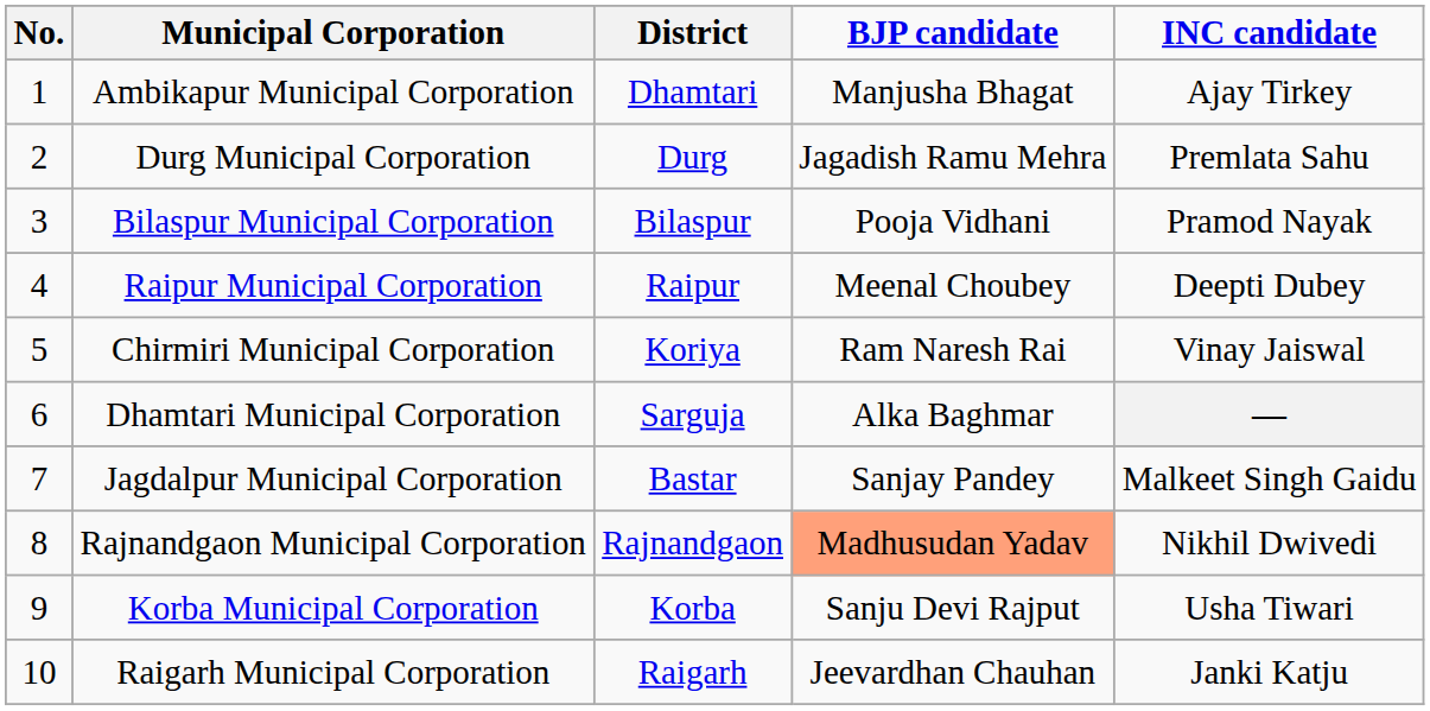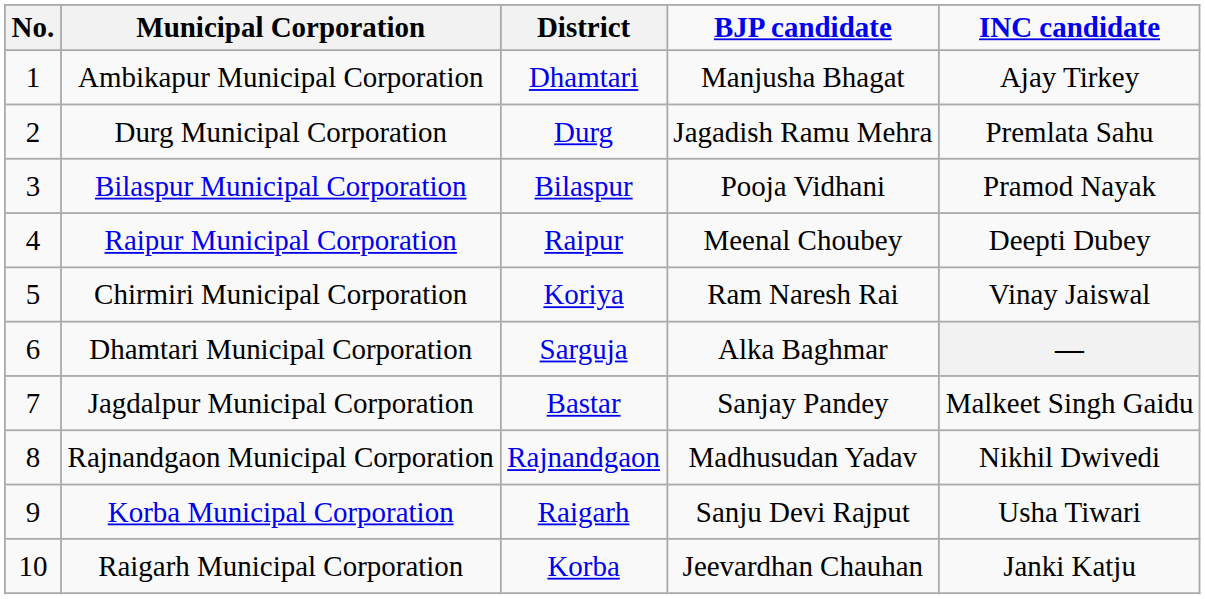 <table class="wikitable sortable" style="text-align:center">
 <tr>
 <th align="Centre">No.</th>
 <th align="Centre">Municipal Corporation</th>
 <th align="Centre">District</th>
 <td><a href='#'><span><strong>BJP candidate</strong></span></a></td>
 <td><a href='#'><span><strong>INC candidate</strong></span></a></td>
 </tr>
 <tr style="text-align:center; height:30px;">
 <td>1</td>
 <td>Ambikapur Municipal Corporation</td>
 <td><a href='#'>Dhamtari</a></td>
 <td>Manjusha Bhagat</td>
 <td>Ajay Tirkey</td>
 </tr>
 <tr style="text-align:center; height:30px;">
 <td>2</td>
 <td>Durg Municipal Corporation</td>
 <td><a href='#'>Durg</a></td>
 <td>Jagadish Ramu Mehra</td>
 <td>Premlata Sahu</td>
 </tr>
 <tr style="text-align:center; height:30px;">
 <td>3</td>
 <td><a href='#'>Bilaspur Municipal Corporation</a></td>
 <td><a href='#'>Bilaspur</a></td>
 <td>Pooja Vidhani</td>
 <td>Pramod Nayak</td>
 </tr>
 <tr style="text-align:center; height:30px;">
 <td>4</td>
 <td><a href='#'>Raipur Municipal Corporation</a></td>
 <td><a href='#'>Raipur</a></td>
 <td>Meenal Choubey</td>
 <td>Deepti Dubey</td>
 </tr>
 <tr style="text-align:center; height:30px;">
 <td>5</td>
 <td>Chirmiri Municipal Corporation</td>
 <td><a href='#'>Koriya</a></td>
 <td>Ram Naresh Rai</td>
 <td>Vinay Jaiswal</td>
 </tr>
 <tr style="text-align:center; height:30px;">
 <td>6</td>
 <td>Dhamtari Municipal Corporation</td>
 <td><a href='#'>Sarguja</a></td>
 <td>Alka Baghmar</td>
 <th>—</th>
 </tr>
 <tr style="text-align:center; height:30px;">
 <td>7</td>
 <td>Jagdalpur Municipal Corporation</td>
 <td><a href='#'>Bastar</a></td>
 <td>Sanjay Pandey</td>
 <td>Malkeet Singh Gaidu</td>
 </tr>
 <tr style="text-align:center; height:30px;">
 <td>8</td>
 <td>Rajnandgaon Municipal Corporation</td>
 <td><a href='#'>Rajnandgaon</a></td>
-<td style="background: lightsalmon;">Madhusudan Yadav</td>
+<td>Madhusudan Yadav</td>
 <td>Nikhil Dwivedi</td>
 </tr>
 <tr style="text-align:center; height:30px;">
 <td>9</td>
 <td><a href='#'>Korba Municipal Corporation</a></td>
-<td><a href='#'>Korba</a></td>
+<td><a href='#'>Raigarh</a></td>
 <td>Sanju Devi Rajput</td>
 <td>Usha Tiwari</td>
 </tr>
 <tr style="text-align:center; height:30px;">
 <td>10</td>
 <td>Raigarh Municipal Corporation</td>
-<td><a href='#'>Raigarh</a></td>
+<td><a href='#'>Korba</a></td>
 <td>Jeevardhan Chauhan</td>
 <td>Janki Katju</td>
 </tr>
 </table>
